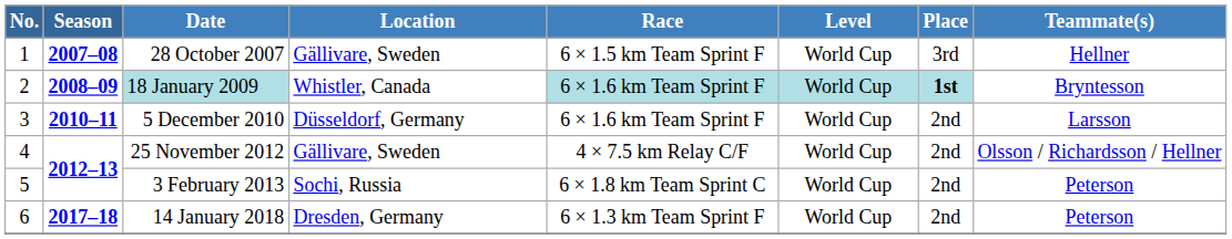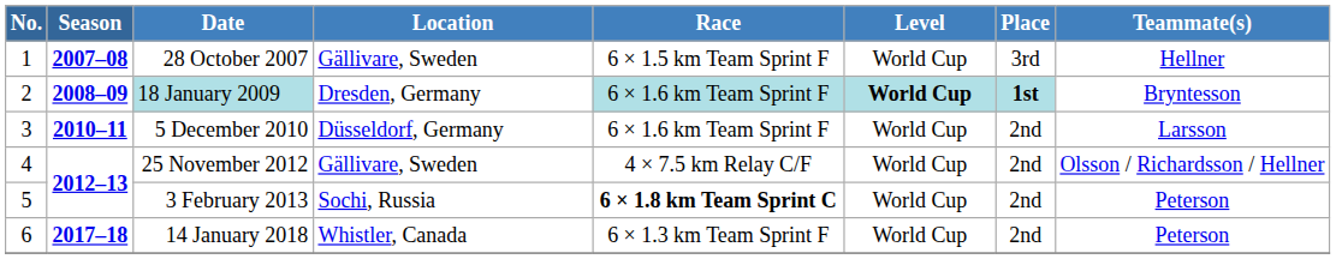 <table class="wikitable sortable" style="font-size:95%; text-align:center; border:grey solid 1px; border-collapse:collapse; background:#ffffff;">
 <tr style="background:#efefef;">
 <th style="background-color:#369; color:white;">No.</th>
 <th style="background-color:#369; color:white;">Season</th>
 <th style="background-color:#4180be; color:white; width:120px;">Date</th>
 <th style="background-color:#4180be; color:white; width:190px;">Location</th>
 <th style="background-color:#4180be; color:white; width:170px;">Race</th>
 <th style="background-color:#4180be; color:white; width:100px;">Level</th>
 <th style="background-color:#4180be; color:white;">Place</th>
 <th style="background-color:#4180be; color:white;">Teammate(s)</th>
 </tr>
 <tr>
 <td align=center>1</td>
 <td rowspan=1 align=center><strong><a href='#'>2007–08</a></strong></td>
 <td align=right>28 October 2007</td>
 <td align=left> <a href='#'>Gällivare</a>, Sweden</td>
 <td>6 × 1.5 km Team Sprint F</td>
 <td>World Cup</td>
 <td>3rd</td>
 <td><a href='#'>Hellner</a></td>
 </tr>
 <tr>
 <td align=center>2</td>
 <td><strong><a href='#'>2008–09</a></strong></td>
 <td align=left bgcolor="#BOEOE6" align=right>18 January 2009</td>
-<td align=left> <a href='#'>Whistler</a>, Canada</td>
+<td align=left> <a href='#'>Dresden</a>, Germany</td>
 <td bgcolor="#BOEOE6" align=center>6 × 1.6 km Team Sprint F</td>
-<td bgcolor="#BOEOE6">World Cup</td>
+<td bgcolor="#BOEOE6"><strong>World Cup</strong></td>
 <td bgcolor="#BOEOE6"><strong>1st</strong></td>
 <td><a href='#'>Bryntesson</a></td>
 </tr>
 <tr>
 <td align=center>3</td>
 <td rowspan=1 align=center><strong><a href='#'>2010–11</a></strong></td>
 <td align=right>5 December 2010</td>
 <td align=left> <a href='#'>Düsseldorf</a>, Germany</td>
 <td>6 × 1.6 km Team Sprint F</td>
 <td>World Cup</td>
 <td>2nd</td>
 <td><a href='#'>Larsson</a></td>
 </tr>
 <tr>
 <td align=center>4</td>
 <td rowspan=2 align=center><strong><a href='#'>2012–13</a></strong></td>
 <td align=right>25 November 2012</td>
 <td align=left> <a href='#'>Gällivare</a>, Sweden</td>
 <td>4 × 7.5 km Relay C/F</td>
 <td>World Cup</td>
 <td>2nd</td>
 <td><a href='#'>Olsson</a> / <a href='#'>Richardsson</a> / <a href='#'>Hellner</a></td>
 </tr>
 <tr>
 <td align=center>5</td>
 <td align=right>3 February 2013</td>
 <td align=left> <a href='#'>Sochi</a>, Russia</td>
-<td>6 × 1.8 km Team Sprint C</td>
+<td><strong>6 × 1.8 km Team Sprint C</strong></td>
 <td>World Cup</td>
 <td>2nd</td>
 <td><a href='#'>Peterson</a></td>
 </tr>
 <tr>
 <td align=center>6</td>
 <td rowspan=1 align=center><strong><a href='#'>2017–18</a></strong></td>
 <td align=right>14 January 2018</td>
-<td align=left> <a href='#'>Dresden</a>, Germany</td>
+<td align=left> <a href='#'>Whistler</a>, Canada</td>
 <td>6 × 1.3 km Team Sprint F</td>
 <td>World Cup</td>
 <td>2nd</td>
 <td><a href='#'>Peterson</a></td>
 </tr>
 <tr>
 </tr>
 </table>
